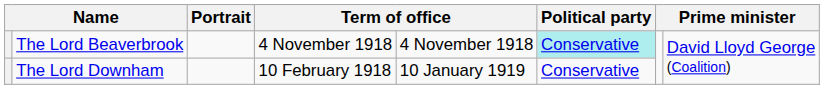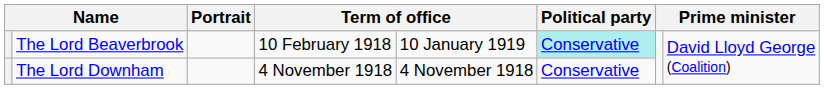 <table class="wikitable">
 <tr>
 <th colspan=2>Name</th>
 <th>Portrait</th>
 <th colspan=2>Term of office</th>
 <th>Political party</th>
 <th colspan=2>Prime minister</th>
 </tr>
 <tr>
 <th style="background-color: "></th>
 <td><a href='#'>The Lord Beaverbrook</a></td>
 <td></td>
-<td>4 November 1918</td>
-<td>4 November 1918</td>
+<td>10 February 1918</td>
+<td>10 January 1919</td>
 <td style="background: paleturquoise;"><a href='#'>Conservative</a></td>
 <td rowspan=2 style="background-color: "></td>
 <td rowspan=2><a href='#'>David Lloyd George</a><br><small>(<a href='#'>Coalition</a>)</small></td>
 </tr>
 <tr>
 <th style="background-color: "></th>
 <td><a href='#'>The Lord Downham</a></td>
 <td></td>
-<td>10 February 1918</td>
-<td>10 January 1919</td>
+<td>4 November 1918</td>
+<td>4 November 1918</td>
 <td><a href='#'>Conservative</a></td>
 </tr>
 </table>
